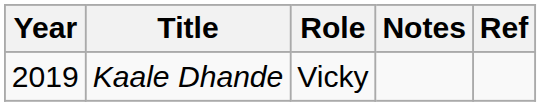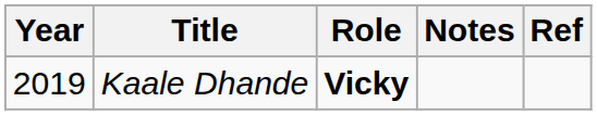 <table class="wikitable sortable plainrowheaders">
 <tr style="text-align:center;">
 <th scope="col">Year</th>
 <th scope="col">Title</th>
 <th scope="col">Role</th>
 <th class="unsortable" scope="col">Notes</th>
 <th class="unsortable" scope="col">Ref</th>
 </tr>
 <tr>
 <td rowspan="2" style="text-align: center;">2019</td>
 <td scope="row"><em>Kaale Dhande</em></td>
-<td>Vicky</td>
+<td><strong>Vicky</strong></td>
 <td></td>
 <td style="text-align: center;"></td>
 </tr>
 </table>
